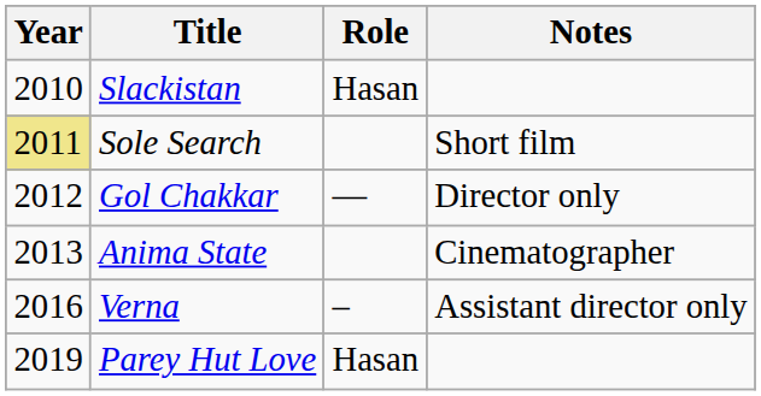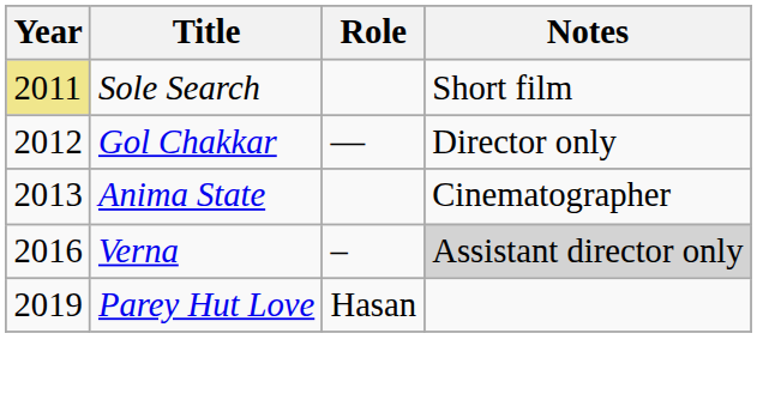 <table class="wikitable sortable">
 <tr>
 <th>Year</th>
 <th>Title</th>
 <th>Role</th>
 <th>Notes</th>
-</tr>
-<tr>
-<td>2010</td>
-<td><em><a href='#'>Slackistan</a></em></td>
-<td>Hasan</td>
-<td></td>
 </tr>
 <tr>
 <td style="background: khaki;">2011</td>
 <td><em>Sole Search</em></td>
 <td></td>
 <td>Short film</td>
 </tr>
 <tr>
 <td>2012</td>
 <td><em><a href='#'>Gol Chakkar</a></em></td>
 <td>—</td>
 <td>Director only</td>
 </tr>
 <tr>
 <td>2013</td>
 <td><em><a href='#'>Anima State</a></em></td>
 <td></td>
 <td>Cinematographer</td>
 </tr>
 <tr>
 <td>2016</td>
 <td><em><a href='#'>Verna</a></em></td>
 <td>–</td>
-<td>Assistant director only</td>
+<td style="background: lightgrey;">Assistant director only</td>
 </tr>
 <tr>
 <td>2019</td>
 <td><em><a href='#'>Parey Hut Love</a></em></td>
 <td>Hasan</td>
 <td></td>
 </tr>
 </table>
